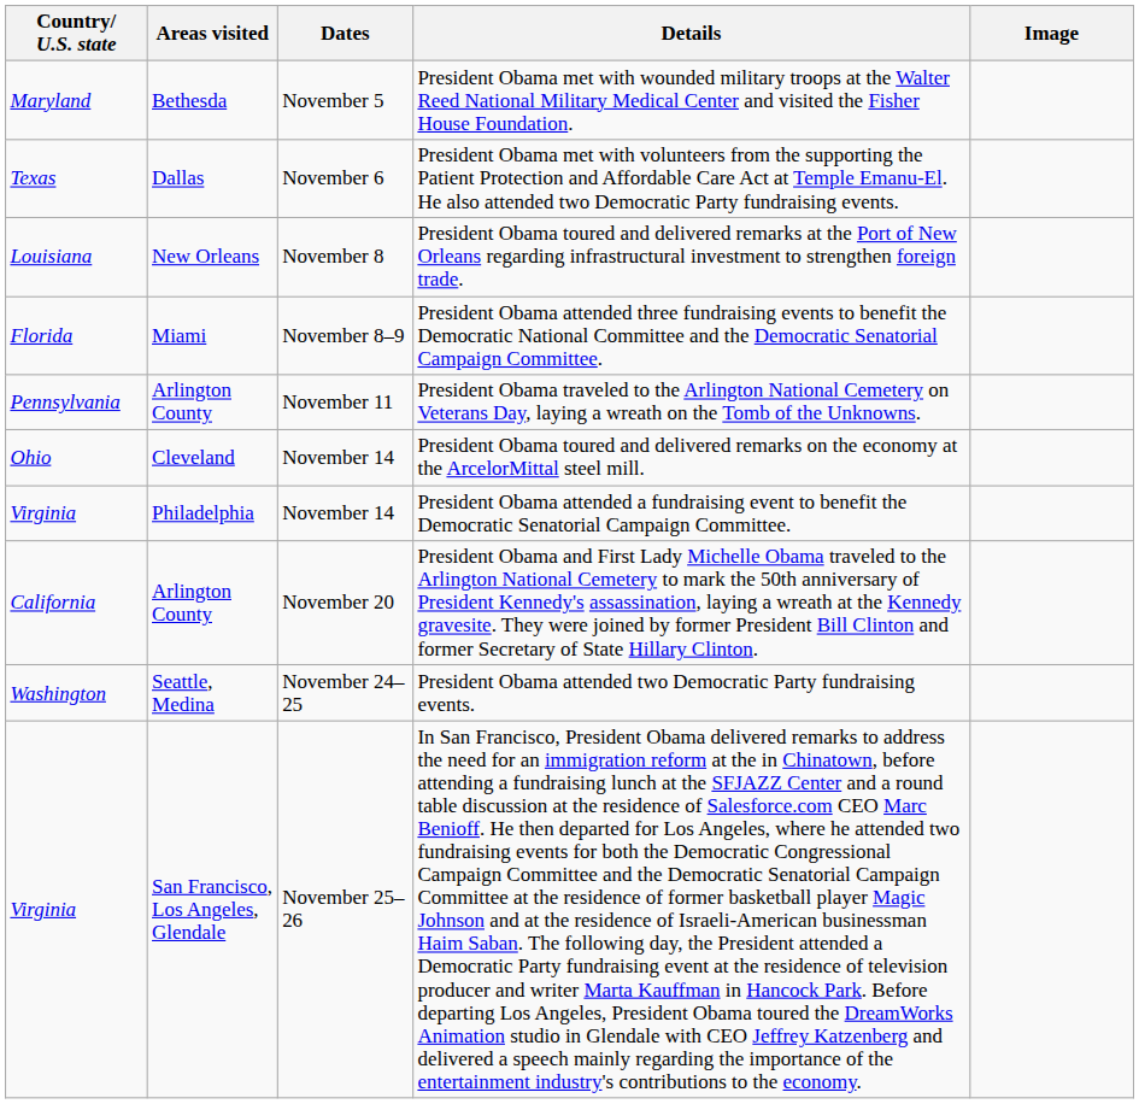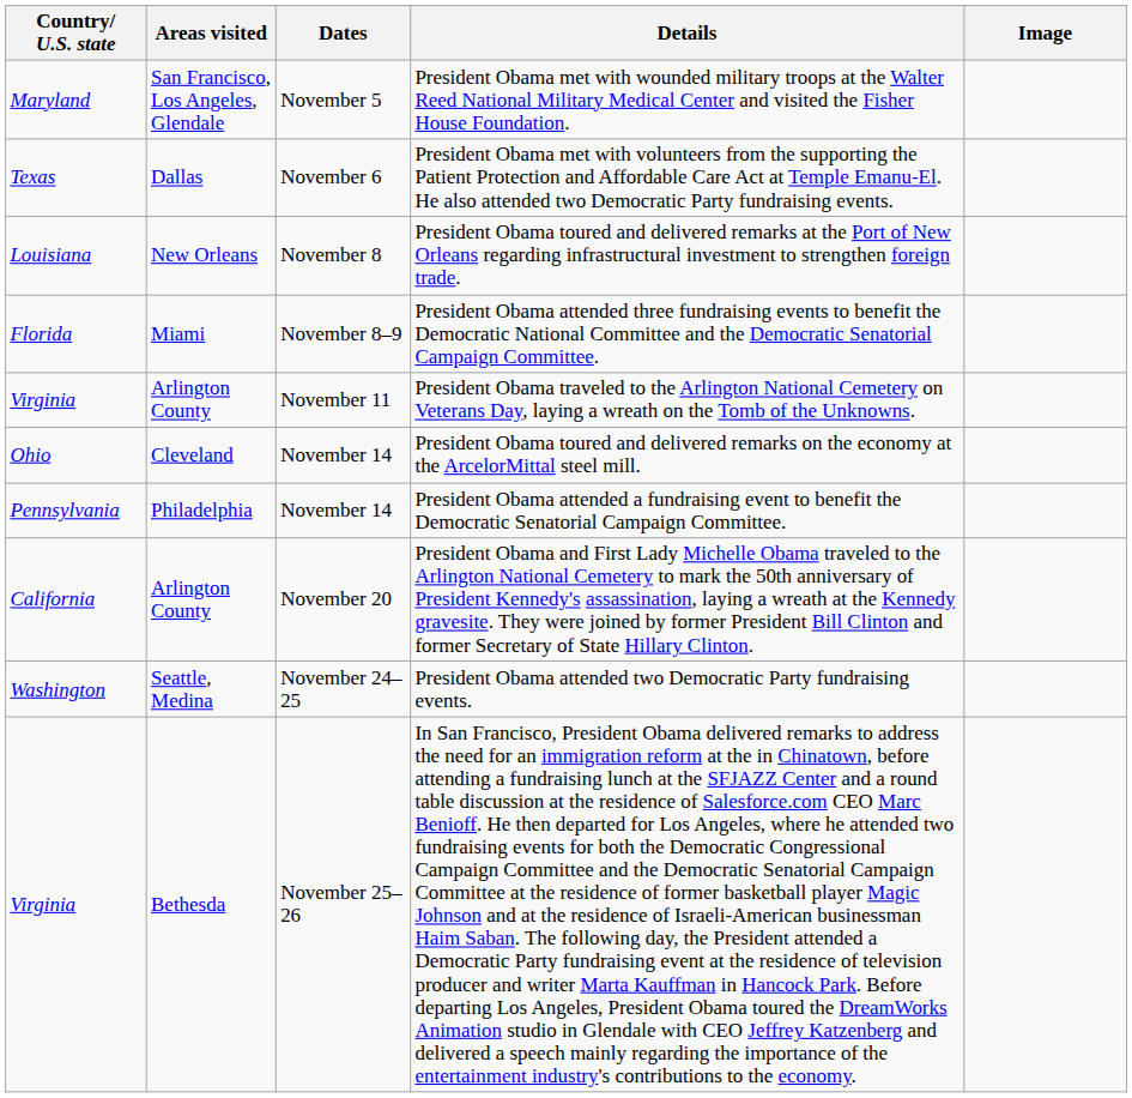 <table class="wikitable" style="margin: 1em auto 1em auto">
 <tr>
 <th width=110>Country/<br><em>U.S. state</em></th>
 <th width=100>Areas visited</th>
 <th width=110>Dates</th>
 <th width=550>Details</th>
 <th width=150>Image</th>
 </tr>
 <tr>
 <td> <em><a href='#'>Maryland</a></em></td>
-<td><a href='#'>Bethesda</a></td>
+<td><a href='#'>San Francisco</a>, <a href='#'>Los Angeles</a>, <a href='#'>Glendale</a></td>
 <td>November 5</td>
 <td>President Obama met with wounded military troops at the <a href='#'>Walter Reed National Military Medical Center</a> and visited the <a href='#'>Fisher House Foundation</a>.</td>
 <td></td>
 </tr>
 <tr>
 <td> <em><a href='#'>Texas</a></em></td>
 <td><a href='#'>Dallas</a></td>
 <td>November 6</td>
 <td>President Obama met with volunteers from the  supporting the Patient Protection and Affordable Care Act at <a href='#'>Temple Emanu-El</a>. He also attended two Democratic Party fundraising events.</td>
 <td></td>
 </tr>
 <tr>
 <td> <em><a href='#'>Louisiana</a></em></td>
 <td><a href='#'>New Orleans</a></td>
 <td>November 8</td>
 <td>President Obama toured and delivered remarks at the <a href='#'>Port of New Orleans</a> regarding infrastructural investment to strengthen <a href='#'>foreign trade</a>.</td>
 <td></td>
 </tr>
 <tr>
 <td> <em><a href='#'>Florida</a></em></td>
 <td><a href='#'>Miami</a></td>
 <td>November 8–9</td>
 <td>President Obama attended three fundraising events to benefit the Democratic National Committee and the <a href='#'>Democratic Senatorial Campaign Committee</a>.</td>
 </tr>
 <tr>
-<td> <em><a href='#'>Pennsylvania</a></em></td>
+<td> <em><a href='#'>Virginia</a></em></td>
 <td><a href='#'>Arlington County</a></td>
 <td>November 11</td>
 <td>President Obama traveled to the <a href='#'>Arlington National Cemetery</a> on <a href='#'>Veterans Day</a>, laying a wreath on the <a href='#'>Tomb of the Unknowns</a>.</td>
 <td></td>
 </tr>
 <tr>
 <td> <em><a href='#'>Ohio</a></em></td>
 <td><a href='#'>Cleveland</a></td>
 <td>November 14</td>
 <td>President Obama toured and delivered remarks on the economy at the <a href='#'>ArcelorMittal</a> steel mill.</td>
 <td></td>
 </tr>
 <tr>
-<td> <em><a href='#'>Virginia</a></em></td>
+<td> <em><a href='#'>Pennsylvania</a></em></td>
 <td><a href='#'>Philadelphia</a></td>
 <td>November 14</td>
 <td>President Obama attended a fundraising event to benefit the Democratic Senatorial Campaign Committee.</td>
 <td></td>
 </tr>
 <tr>
 <td> <em><a href='#'>California</a></em></td>
 <td><a href='#'>Arlington County</a></td>
 <td>November 20</td>
 <td>President Obama and First Lady <a href='#'>Michelle Obama</a> traveled to the <a href='#'>Arlington National Cemetery</a> to mark the 50th anniversary of <a href='#'>President Kennedy's</a> <a href='#'>assassination</a>, laying a wreath at the <a href='#'>Kennedy gravesite</a>. They were joined by former President <a href='#'>Bill Clinton</a> and former Secretary of State <a href='#'>Hillary Clinton</a>.</td>
 <td></td>
 </tr>
 <tr>
 <td> <em><a href='#'>Washington</a></em></td>
 <td><a href='#'>Seattle</a>, <a href='#'>Medina</a></td>
 <td>November 24–25</td>
 <td>President Obama attended two Democratic Party fundraising events.</td>
 <td></td>
 </tr>
 <tr>
 <td> <em><a href='#'>Virginia</a></em></td>
-<td><a href='#'>San Francisco</a>, <a href='#'>Los Angeles</a>, <a href='#'>Glendale</a></td>
+<td><a href='#'>Bethesda</a></td>
 <td>November 25–26</td>
 <td>In San Francisco, President Obama delivered remarks to address the need for an <a href='#'>immigration reform</a> at the  in <a href='#'>Chinatown</a>, before attending a fundraising lunch at the <a href='#'>SFJAZZ Center</a> and a round table discussion at the residence of <a href='#'>Salesforce.com</a> CEO <a href='#'>Marc Benioff</a>. He then departed for Los Angeles, where he attended two fundraising events for both the Democratic Congressional Campaign Committee and the Democratic Senatorial Campaign Committee at the residence of former basketball player <a href='#'>Magic Johnson</a> and at the residence of Israeli-American businessman <a href='#'>Haim Saban</a>. The following day, the President attended a Democratic Party fundraising event at the residence of television producer and writer <a href='#'>Marta Kauffman</a> in <a href='#'>Hancock Park</a>. Before departing Los Angeles, President Obama toured the <a href='#'>DreamWorks Animation</a> studio in Glendale with CEO <a href='#'>Jeffrey Katzenberg</a> and delivered a speech mainly regarding the importance of the <a href='#'>entertainment industry</a>'s contributions to the <a href='#'>economy</a>.</td>
 <td></td>
 </tr>
 </table>
